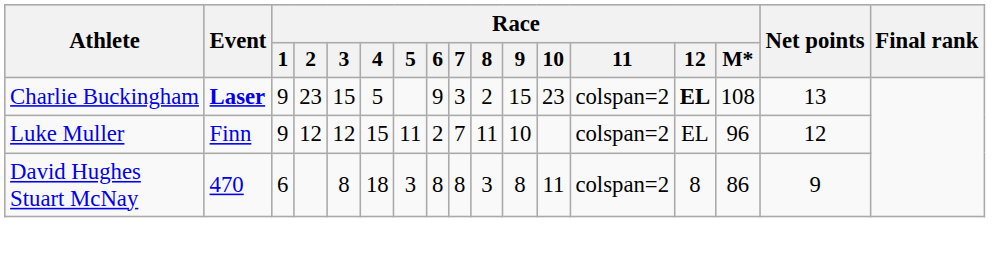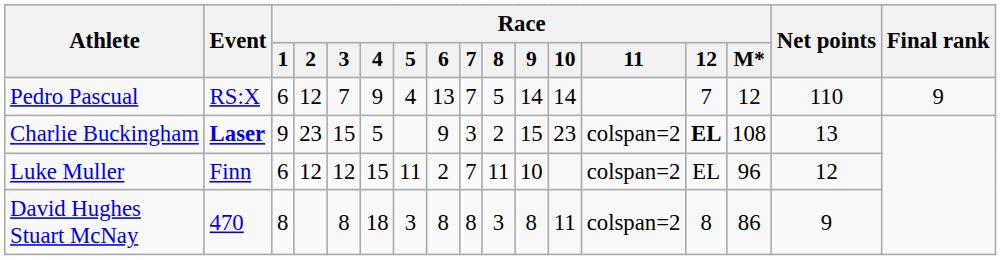 <table class=wikitable style=font-size:90%;text-align:center>
 <tr>
 <th rowspan=2>Athlete</th>
 <th rowspan=2>Event</th>
 <th colspan=13>Race</th>
 <th rowspan=2>Net points</th>
 <th rowspan=2>Final rank</th>
 </tr>
 <tr style=font-size:95%>
 <th>1</th>
 <th>2</th>
 <th>3</th>
 <th>4</th>
 <th>5</th>
 <th>6</th>
 <th>7</th>
 <th>8</th>
 <th>9</th>
 <th>10</th>
 <th>11</th>
 <th>12</th>
 <th>M*</th>
 </tr>
 <tr>
+<td align=left><a href='#'>Pedro Pascual</a></td>
+<td align=left><a href='#'>RS:X</a></td>
+<td>6</td>
+<td>12</td>
+<td>7</td>
+<td>9</td>
+<td>4</td>
+<td>13</td>
+<td>7</td>
+<td>5</td>
+<td>14</td>
+<td>14</td>
+<td></td>
+<td>7</td>
+<td>12</td>
+<td>110</td>
+<td>9</td>
+</tr>
+<tr>
 <td align=left><a href='#'>Charlie Buckingham</a></td>
 <td align=left><strong><a href='#'>Laser</a></strong></td>
 <td>9</td>
 <td>23</td>
 <td>15</td>
 <td>5</td>
 <td></td>
 <td>9</td>
 <td>3</td>
 <td>2</td>
 <td>15</td>
 <td>23</td>
 <td>colspan=2 </td>
 <td><strong>EL</strong></td>
 <td>108</td>
 <td>13</td>
 </tr>
 <tr>
 <td align=left><a href='#'>Luke Muller</a></td>
 <td align=left><a href='#'>Finn</a></td>
-<td>9</td>
+<td>6</td>
 <td>12</td>
 <td>12</td>
 <td>15</td>
 <td>11</td>
 <td>2</td>
 <td>7</td>
 <td>11</td>
 <td>10</td>
 <td></td>
 <td>colspan=2 </td>
 <td>EL</td>
 <td>96</td>
 <td>12</td>
 </tr>
 <tr>
 <td align=left><a href='#'>David Hughes</a><br><a href='#'>Stuart McNay</a></td>
 <td align=left><a href='#'>470</a></td>
-<td>6</td>
+<td>8</td>
 <td></td>
 <td>8</td>
 <td>18</td>
 <td>3</td>
 <td>8</td>
 <td>8</td>
 <td>3</td>
 <td>8</td>
 <td>11</td>
 <td>colspan=2 </td>
 <td>8</td>
 <td>86</td>
 <td>9</td>
 </tr>
 </table>
